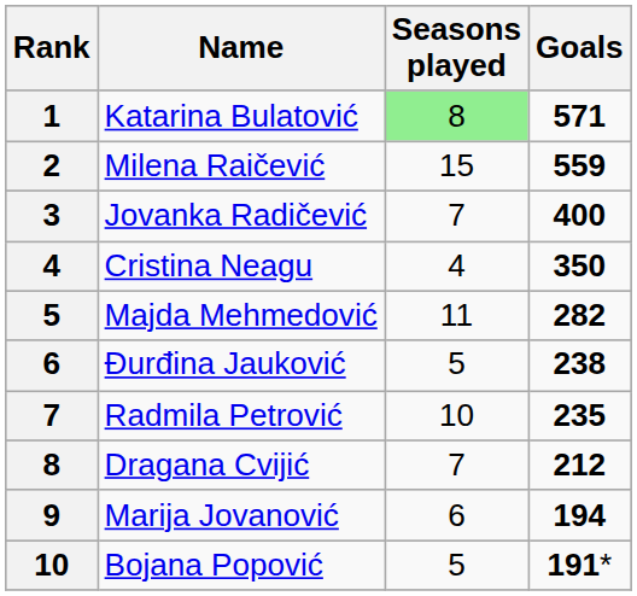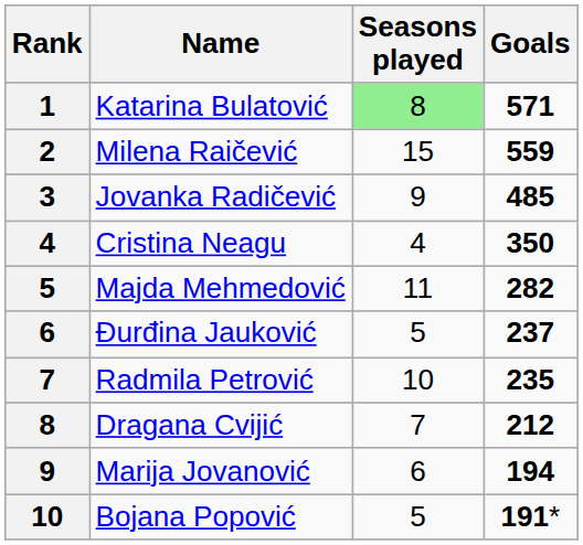 <table class="wikitable" style="text-align: center">
 <tr>
 <th>Rank</th>
 <th class="unsortable">Name</th>
 <th>Seasons<br>played</th>
 <th>Goals</th>
 </tr>
 <tr>
 <th rowspan="1">1</th>
 <td style="text-align: left;"> <a href='#'>Katarina Bulatović</a></td>
 <td style="background: lightgreen;">8</td>
 <td><strong>571</strong></td>
 </tr>
 <tr>
 <th rowspan="1">2</th>
 <td style="text-align: left;"> <a href='#'>Milena Raičević</a></td>
 <td>15</td>
 <td><strong>559</strong></td>
 </tr>
 <tr>
 <th rowspan="1">3</th>
 <td style="text-align: left;"> <a href='#'>Jovanka Radičević</a></td>
-<td>7</td>
-<td><strong>400</strong></td>
+<td>9</td>
+<td><strong>485</strong></td>
 </tr>
 <tr>
 <th rowspan="1">4</th>
 <td style="text-align: left;"> <a href='#'>Cristina Neagu</a></td>
 <td>4</td>
 <td><strong>350</strong></td>
 </tr>
 <tr>
 <th rowspan="1">5</th>
 <td style="text-align: left;"> <a href='#'>Majda Mehmedović</a></td>
 <td>11</td>
 <td><strong>282</strong></td>
 </tr>
 <tr>
 <th rowspan="1">6</th>
 <td style="text-align: left;"> <a href='#'>Đurđina Jauković</a></td>
 <td>5</td>
-<td><strong>238</strong></td>
+<td><strong>237</strong></td>
 </tr>
 <tr>
 <th rowspan="1">7</th>
 <td style="text-align: left;"> <a href='#'>Radmila Petrović</a></td>
 <td>10</td>
 <td><strong>235</strong></td>
 </tr>
 <tr>
 <th rowspan="1">8</th>
 <td style="text-align: left;"> <a href='#'>Dragana Cvijić</a></td>
 <td>7</td>
 <td><strong>212</strong></td>
 </tr>
 <tr>
 <th rowspan="1">9</th>
 <td style="text-align: left;"> <a href='#'>Marija Jovanović</a></td>
 <td>6</td>
 <td><strong>194</strong></td>
 </tr>
 <tr>
 <th rowspan="2">10</th>
 <td style="text-align: left;"> <a href='#'>Bojana Popović</a></td>
 <td>5</td>
 <td><strong>191</strong>*</td>
 </tr>
 </table>
